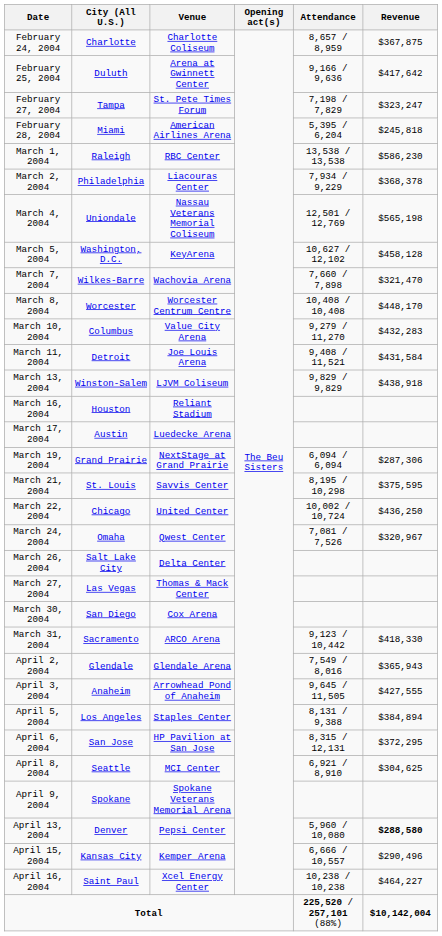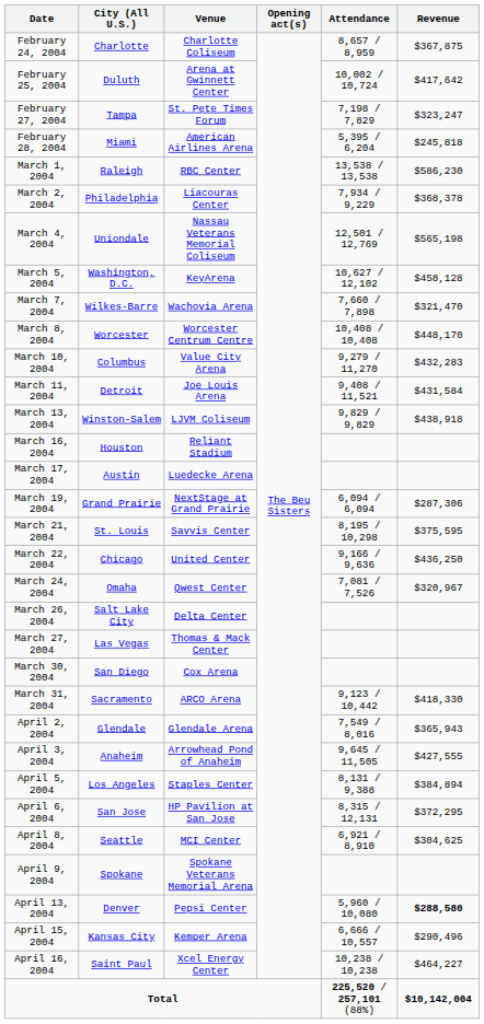 <table class="wikitable" style="text-align:center">
 <tr>
 <th scope="col" style="width:12em;">Date</th>
 <th scope="col" style="width:10em;">City (All U.S.)</th>
 <th scope="col" style="width:17em;">Venue</th>
 <th scope="col" style="width:10em;">Opening act(s)</th>
 <th scope="col" style="width:10em;">Attendance</th>
 <th scope="col" style="width:10em;">Revenue</th>
 </tr>
 <tr>
 <td>February 24, 2004</td>
 <td><a href='#'>Charlotte</a></td>
 <td><a href='#'>Charlotte Coliseum</a></td>
 <td rowspan="32"><a href='#'>The Beu Sisters</a></td>
 <td>8,657 / 8,959</td>
 <td>$367,875</td>
 </tr>
 <tr>
 <td>February 25, 2004</td>
 <td><a href='#'>Duluth</a></td>
 <td><a href='#'>Arena at Gwinnett Center</a></td>
-<td>9,166 / 9,636</td>
+<td>10,002 / 10,724</td>
 <td>$417,642</td>
 </tr>
 <tr>
 <td>February 27, 2004</td>
 <td><a href='#'>Tampa</a></td>
 <td><a href='#'>St. Pete Times Forum</a></td>
 <td>7,198 / 7,829</td>
 <td>$323,247</td>
 </tr>
 <tr>
 <td>February 28, 2004</td>
 <td><a href='#'>Miami</a></td>
 <td><a href='#'>American Airlines Arena</a></td>
 <td>5,395 / 6,204</td>
 <td>$245,818</td>
 </tr>
 <tr>
 <td>March 1, 2004</td>
 <td><a href='#'>Raleigh</a></td>
 <td><a href='#'>RBC Center</a></td>
 <td>13,538 / 13,538</td>
 <td>$586,230</td>
 </tr>
 <tr>
 <td>March 2, 2004</td>
 <td><a href='#'>Philadelphia</a></td>
 <td><a href='#'>Liacouras Center</a></td>
 <td>7,934 / 9,229</td>
 <td>$368,378</td>
 </tr>
 <tr>
 <td>March 4, 2004</td>
 <td><a href='#'>Uniondale</a></td>
 <td><a href='#'>Nassau Veterans Memorial Coliseum</a></td>
 <td>12,501 / 12,769</td>
 <td>$565,198</td>
 </tr>
 <tr>
 <td>March 5, 2004</td>
 <td><a href='#'>Washington, D.C.</a></td>
 <td><a href='#'>KeyArena</a></td>
 <td>10,627 / 12,102</td>
 <td>$458,128</td>
 </tr>
 <tr>
 <td>March 7, 2004</td>
 <td><a href='#'>Wilkes-Barre</a></td>
 <td><a href='#'>Wachovia Arena</a></td>
 <td>7,660 / 7,898</td>
 <td>$321,470</td>
 </tr>
 <tr>
 <td>March 8, 2004</td>
 <td><a href='#'>Worcester</a></td>
 <td><a href='#'>Worcester Centrum Centre</a></td>
 <td>10,408 / 10,408</td>
 <td>$448,170</td>
 </tr>
 <tr>
 <td>March 10, 2004</td>
 <td><a href='#'>Columbus</a></td>
 <td><a href='#'>Value City Arena</a></td>
 <td>9,279 / 11,270</td>
 <td>$432,283</td>
 </tr>
 <tr>
 <td>March 11, 2004</td>
 <td><a href='#'>Detroit</a></td>
 <td><a href='#'>Joe Louis Arena</a></td>
 <td>9,408 / 11,521</td>
 <td>$431,584</td>
 </tr>
 <tr>
 <td>March 13, 2004</td>
 <td><a href='#'>Winston-Salem</a></td>
 <td><a href='#'>LJVM Coliseum</a></td>
 <td>9,829 / 9,829</td>
 <td>$438,918</td>
 </tr>
 <tr>
 <td>March 16, 2004</td>
 <td><a href='#'>Houston</a></td>
 <td><a href='#'>Reliant Stadium</a></td>
 <td></td>
 <td></td>
 </tr>
 <tr>
 <td>March 17, 2004</td>
 <td><a href='#'>Austin</a></td>
 <td><a href='#'>Luedecke Arena</a></td>
 <td></td>
 <td></td>
 </tr>
 <tr>
 <td>March 19, 2004</td>
 <td><a href='#'>Grand Prairie</a></td>
 <td><a href='#'>NextStage at Grand Prairie</a></td>
 <td>6,094 / 6,094</td>
 <td>$287,306</td>
 </tr>
 <tr>
 <td>March 21, 2004</td>
 <td><a href='#'>St. Louis</a></td>
 <td><a href='#'>Savvis Center</a></td>
 <td>8,195 / 10,298</td>
 <td>$375,595</td>
 </tr>
 <tr>
 <td>March 22, 2004</td>
 <td><a href='#'>Chicago</a></td>
 <td><a href='#'>United Center</a></td>
-<td>10,002 / 10,724</td>
+<td>9,166 / 9,636</td>
 <td>$436,250</td>
 </tr>
 <tr>
 <td>March 24, 2004</td>
 <td><a href='#'>Omaha</a></td>
 <td><a href='#'>Qwest Center</a></td>
 <td>7,081 / 7,526</td>
 <td>$320,967</td>
 </tr>
 <tr>
 <td>March 26, 2004</td>
 <td><a href='#'>Salt Lake City</a></td>
 <td><a href='#'>Delta Center</a></td>
 <td></td>
 <td></td>
 </tr>
 <tr>
 <td>March 27, 2004</td>
 <td><a href='#'>Las Vegas</a></td>
 <td><a href='#'>Thomas & Mack Center</a></td>
 <td></td>
 <td></td>
 </tr>
 <tr>
 <td>March 30, 2004</td>
 <td><a href='#'>San Diego</a></td>
 <td><a href='#'>Cox Arena</a></td>
 <td></td>
 <td></td>
 </tr>
 <tr>
 <td>March 31, 2004</td>
 <td><a href='#'>Sacramento</a></td>
 <td><a href='#'>ARCO Arena</a></td>
 <td>9,123 / 10,442</td>
 <td>$418,330</td>
 </tr>
 <tr>
 <td>April 2, 2004</td>
 <td><a href='#'>Glendale</a></td>
 <td><a href='#'>Glendale Arena</a></td>
 <td>7,549 / 8,016</td>
 <td>$365,943</td>
 </tr>
 <tr>
 <td>April 3, 2004</td>
 <td><a href='#'>Anaheim</a></td>
 <td><a href='#'>Arrowhead Pond of Anaheim</a></td>
 <td>9,645 / 11,505</td>
 <td>$427,555</td>
 </tr>
 <tr>
 <td>April 5, 2004</td>
 <td><a href='#'>Los Angeles</a></td>
 <td><a href='#'>Staples Center</a></td>
 <td>8,131 / 9,388</td>
 <td>$384,894</td>
 </tr>
 <tr>
 <td>April 6, 2004</td>
 <td><a href='#'>San Jose</a></td>
 <td><a href='#'>HP Pavilion at San Jose</a></td>
 <td>8,315 / 12,131</td>
 <td>$372,295</td>
 </tr>
 <tr>
 <td>April 8, 2004</td>
 <td><a href='#'>Seattle</a></td>
 <td><a href='#'>MCI Center</a></td>
 <td>6,921 / 8,910</td>
 <td>$304,625</td>
 </tr>
 <tr>
 <td>April 9, 2004</td>
 <td><a href='#'>Spokane</a></td>
 <td><a href='#'>Spokane Veterans Memorial Arena</a></td>
 <td></td>
 <td></td>
 </tr>
 <tr>
 <td>April 13, 2004</td>
 <td><a href='#'>Denver</a></td>
 <td><a href='#'>Pepsi Center</a></td>
 <td>5,960 / 10,080</td>
 <td><strong>$288,580</strong></td>
 </tr>
 <tr>
 <td>April 15, 2004</td>
 <td><a href='#'>Kansas City</a></td>
 <td><a href='#'>Kemper Arena</a></td>
 <td>6,666 / 10,557</td>
 <td>$290,496</td>
 </tr>
 <tr>
 <td>April 16, 2004</td>
 <td><a href='#'>Saint Paul</a></td>
 <td><a href='#'>Xcel Energy Center</a></td>
 <td>10,238 / 10,238</td>
 <td>$464,227</td>
 </tr>
 <tr>
 <td colspan="4"><strong>Total</strong></td>
 <td><strong>225,520</strong> / <strong>257,101</strong> (88%)</td>
 <td><strong>$10,142,004</strong></td>
 </tr>
 </table>
